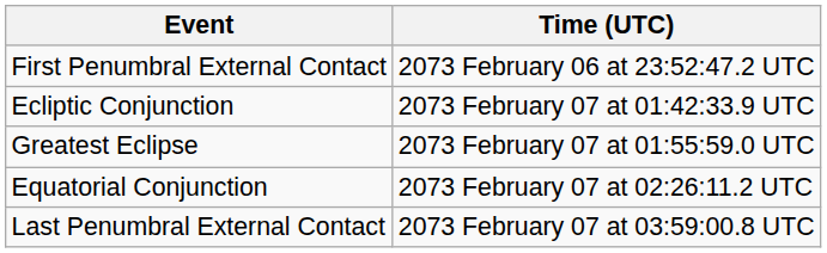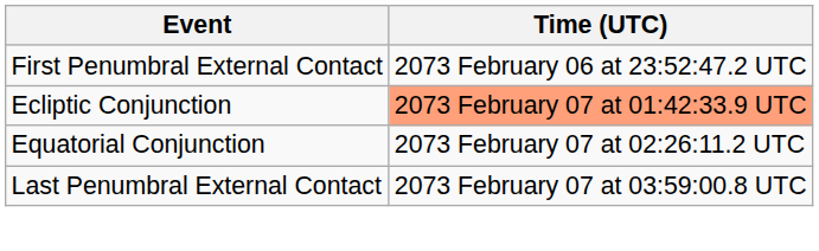 <table class="wikitable">
 <tr>
 <th>Event</th>
 <th>Time (UTC)</th>
 </tr>
 <tr>
 <td>First Penumbral External Contact</td>
 <td>2073 February 06 at 23:52:47.2 UTC</td>
 </tr>
 <tr>
 <td>Ecliptic Conjunction</td>
-<td>2073 February 07 at 01:42:33.9 UTC</td>
-</tr>
-<tr>
-<td>Greatest Eclipse</td>
-<td>2073 February 07 at 01:55:59.0 UTC</td>
+<td style="background: lightsalmon;">2073 February 07 at 01:42:33.9 UTC</td>
 </tr>
 <tr>
 <td>Equatorial Conjunction</td>
 <td>2073 February 07 at 02:26:11.2 UTC</td>
 </tr>
 <tr>
 <td>Last Penumbral External Contact</td>
 <td>2073 February 07 at 03:59:00.8 UTC</td>
 </tr>
 </table>
